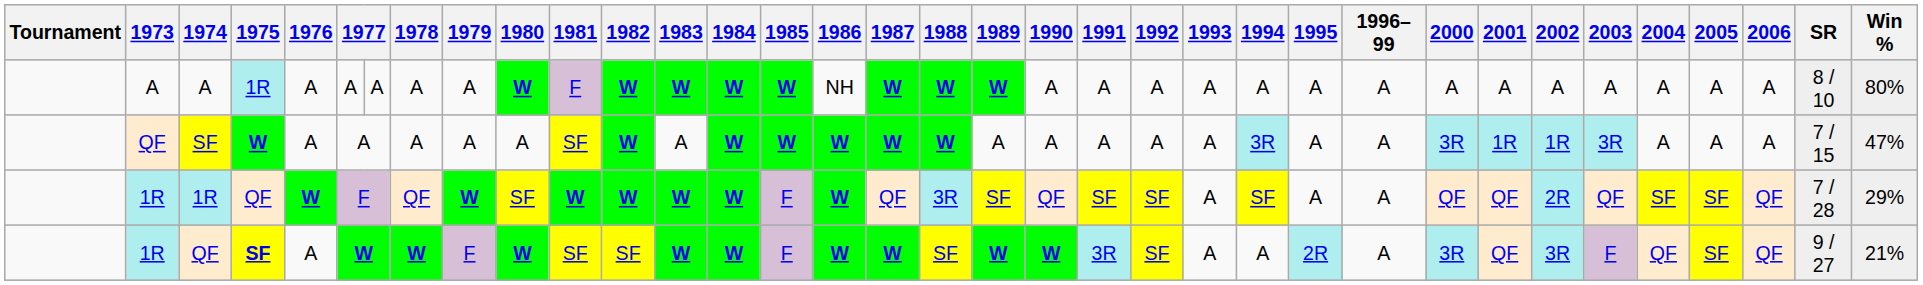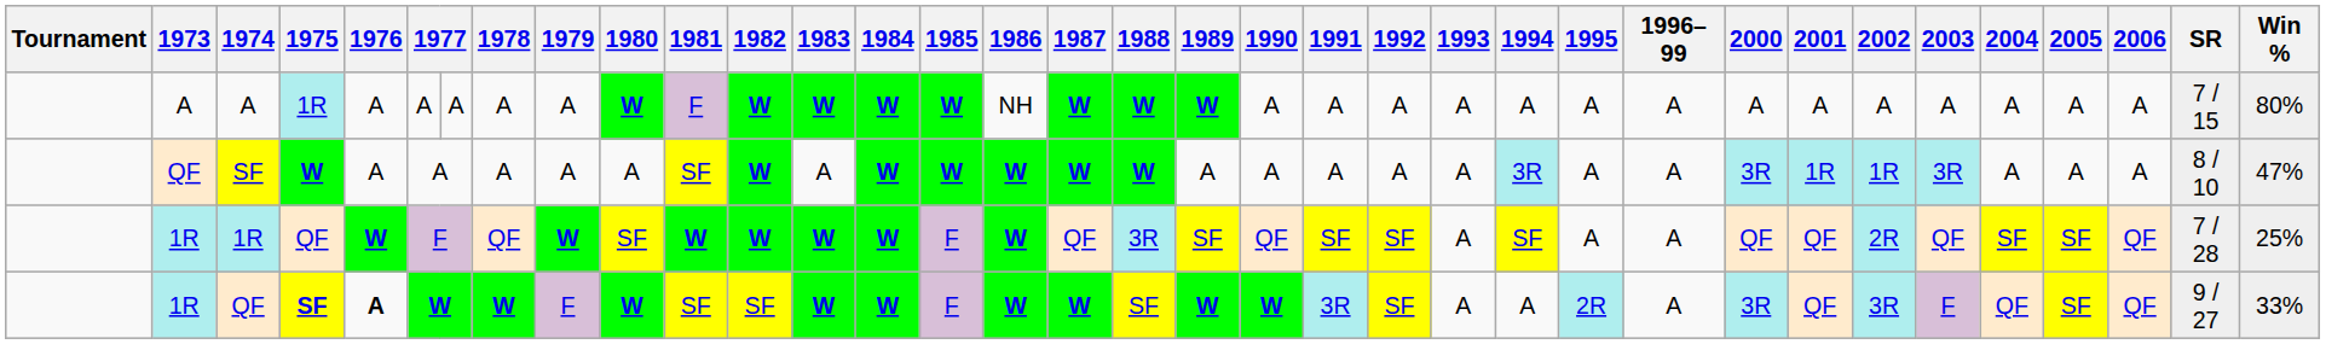 <table class="wikitable" style="text-align: center; font-size: 80%;">
 <tr>
 <th>Tournament</th>
 <th><a href='#'>1973</a></th>
 <th><a href='#'>1974</a></th>
 <th><a href='#'>1975</a></th>
 <th><a href='#'>1976</a></th>
 <th colspan="2"><a href='#'>1977</a></th>
 <th><a href='#'>1978</a></th>
 <th><a href='#'>1979</a></th>
 <th><a href='#'>1980</a></th>
 <th><a href='#'>1981</a></th>
 <th><a href='#'>1982</a></th>
 <th><a href='#'>1983</a></th>
 <th><a href='#'>1984</a></th>
 <th><a href='#'>1985</a></th>
 <th><a href='#'>1986</a></th>
 <th><a href='#'>1987</a></th>
 <th><a href='#'>1988</a></th>
 <th><a href='#'>1989</a></th>
 <th><a href='#'>1990</a></th>
 <th><a href='#'>1991</a></th>
 <th><a href='#'>1992</a></th>
 <th><a href='#'>1993</a></th>
 <th><a href='#'>1994</a></th>
 <th><a href='#'>1995</a></th>
 <th>1996–99</th>
 <th><a href='#'>2000</a></th>
 <th><a href='#'>2001</a></th>
 <th><a href='#'>2002</a></th>
 <th><a href='#'>2003</a></th>
 <th><a href='#'>2004</a></th>
 <th><a href='#'>2005</a></th>
 <th><a href='#'>2006</a></th>
 <th>SR</th>
 <th>Win %</th>
 </tr>
 <tr>
 <td style="text-align: left;"></td>
 <td>A</td>
 <td>A</td>
 <td style="background: #afeeee;"><a href='#'>1R</a></td>
 <td>A</td>
 <td>A</td>
 <td>A</td>
 <td>A</td>
 <td>A</td>
 <td style="background: lime;"><strong><a href='#'>W</a></strong></td>
 <td style="background: thistle;"><a href='#'>F</a></td>
 <td style="background: lime;"><strong><a href='#'>W</a></strong></td>
 <td style="background: lime;"><strong><a href='#'>W</a></strong></td>
 <td style="background: lime;"><strong><a href='#'>W</a></strong></td>
 <td style="background: lime;"><strong><a href='#'>W</a></strong></td>
 <td>NH</td>
 <td style="background: lime;"><strong><a href='#'>W</a></strong></td>
 <td style="background: lime;"><strong><a href='#'>W</a></strong></td>
 <td style="background: lime;"><strong><a href='#'>W</a></strong></td>
 <td>A</td>
 <td>A</td>
 <td>A</td>
 <td>A</td>
 <td>A</td>
 <td>A</td>
 <td>A</td>
 <td>A</td>
 <td>A</td>
 <td>A</td>
 <td>A</td>
 <td>A</td>
 <td>A</td>
 <td>A</td>
-<td style="background: #efefef;">8 / 10</td>
+<td style="background: #efefef;">7 / 15</td>
 <td style="background: #efefef;">80%</td>
 </tr>
 <tr>
 <td style="text-align: left;"></td>
 <td style="background: #ffebcd;"><a href='#'>QF</a></td>
 <td style="background: yellow;"><a href='#'>SF</a></td>
 <td style="background: lime;"><strong><a href='#'>W</a></strong></td>
 <td>A</td>
 <td colspan="2">A</td>
 <td>A</td>
 <td>A</td>
 <td>A</td>
 <td style="background: yellow;"><a href='#'>SF</a></td>
 <td style="background: lime;"><strong><a href='#'>W</a></strong></td>
 <td>A</td>
 <td style="background: lime;"><strong><a href='#'>W</a></strong></td>
 <td style="background: lime;"><strong><a href='#'>W</a></strong></td>
 <td style="background: lime;"><strong><a href='#'>W</a></strong></td>
 <td style="background: lime;"><strong><a href='#'>W</a></strong></td>
 <td style="background: lime;"><strong><a href='#'>W</a></strong></td>
 <td>A</td>
 <td>A</td>
 <td>A</td>
 <td>A</td>
 <td>A</td>
 <td style="background: #afeeee;"><a href='#'>3R</a></td>
 <td>A</td>
 <td>A</td>
 <td style="background: #afeeee;"><a href='#'>3R</a></td>
 <td style="background: #afeeee;"><a href='#'>1R</a></td>
 <td style="background: #afeeee;"><a href='#'>1R</a></td>
 <td style="background: #afeeee;"><a href='#'>3R</a></td>
 <td>A</td>
 <td>A</td>
 <td>A</td>
-<td style="background: #efefef;">7 / 15</td>
+<td style="background: #efefef;">8 / 10</td>
 <td style="background: #efefef;">47%</td>
 </tr>
 <tr>
 <td style="text-align: left;"></td>
 <td style="background: #afeeee;"><a href='#'>1R</a></td>
 <td style="background: #afeeee;"><a href='#'>1R</a></td>
 <td style="background: #ffebcd;"><a href='#'>QF</a></td>
 <td style="background: lime;"><strong><a href='#'>W</a></strong></td>
 <td colspan="2" style="background: thistle;"><a href='#'>F</a></td>
 <td style="background: #ffebcd;"><a href='#'>QF</a></td>
 <td style="background: lime;"><strong><a href='#'>W</a></strong></td>
 <td style="background: yellow;"><a href='#'>SF</a></td>
 <td style="background: lime;"><strong><a href='#'>W</a></strong></td>
 <td style="background: lime;"><strong><a href='#'>W</a></strong></td>
 <td style="background: lime;"><strong><a href='#'>W</a></strong></td>
 <td style="background: lime;"><strong><a href='#'>W</a></strong></td>
 <td style="background: thistle;"><a href='#'>F</a></td>
 <td style="background: lime;"><strong><a href='#'>W</a></strong></td>
 <td style="background: #ffebcd;"><a href='#'>QF</a></td>
 <td style="background: #afeeee;"><a href='#'>3R</a></td>
 <td style="background: yellow;"><a href='#'>SF</a></td>
 <td style="background: #ffebcd;"><a href='#'>QF</a></td>
 <td style="background: yellow;"><a href='#'>SF</a></td>
 <td style="background: yellow;"><a href='#'>SF</a></td>
 <td>A</td>
 <td style="background: yellow;"><a href='#'>SF</a></td>
 <td>A</td>
 <td>A</td>
 <td style="background: #ffebcd;"><a href='#'>QF</a></td>
 <td style="background: #ffebcd;"><a href='#'>QF</a></td>
 <td style="background: #afeeee;"><a href='#'>2R</a></td>
 <td style="background: #ffebcd;"><a href='#'>QF</a></td>
 <td style="background: yellow;"><a href='#'>SF</a></td>
 <td style="background: yellow;"><a href='#'>SF</a></td>
 <td style="background: #ffebcd;"><a href='#'>QF</a></td>
 <td style="background: #efefef;">7 / 28</td>
-<td style="background: #efefef;">29%</td>
+<td style="background: #efefef;">25%</td>
 </tr>
 <tr>
 <td style="text-align: left;"></td>
 <td style="background: #afeeee;"><a href='#'>1R</a></td>
 <td style="background: #ffebcd;"><a href='#'>QF</a></td>
 <td style="background: yellow;"><strong><a href='#'>SF</a></strong></td>
-<td>A</td>
+<td><strong>A</strong></td>
 <td colspan="2" style="background: lime;"><strong><a href='#'>W</a></strong></td>
 <td style="background: lime;"><strong><a href='#'>W</a></strong></td>
 <td style="background: thistle;"><a href='#'>F</a></td>
 <td style="background: lime;"><strong><a href='#'>W</a></strong></td>
 <td style="background: yellow;"><a href='#'>SF</a></td>
 <td style="background: yellow;"><a href='#'>SF</a></td>
 <td style="background: lime;"><strong><a href='#'>W</a></strong></td>
 <td style="background: lime;"><strong><a href='#'>W</a></strong></td>
 <td style="background: thistle;"><a href='#'>F</a></td>
 <td style="background: lime;"><strong><a href='#'>W</a></strong></td>
 <td style="background: lime;"><strong><a href='#'>W</a></strong></td>
 <td style="background: yellow;"><a href='#'>SF</a></td>
 <td style="background: lime;"><strong><a href='#'>W</a></strong></td>
 <td style="background: lime;"><strong><a href='#'>W</a></strong></td>
 <td style="background: #afeeee;"><a href='#'>3R</a></td>
 <td style="background: yellow;"><a href='#'>SF</a></td>
 <td>A</td>
 <td>A</td>
 <td style="background: #afeeee;"><a href='#'>2R</a></td>
 <td>A</td>
 <td style="background: #afeeee;"><a href='#'>3R</a></td>
 <td style="background: #ffebcd;"><a href='#'>QF</a></td>
 <td style="background: #afeeee;"><a href='#'>3R</a></td>
 <td style="background: thistle;"><a href='#'>F</a></td>
 <td style="background: #ffebcd;"><a href='#'>QF</a></td>
 <td style="background: yellow;"><a href='#'>SF</a></td>
 <td style="background: #ffebcd;"><a href='#'>QF</a></td>
 <td style="background: #efefef;">9 / 27</td>
-<td style="background: #efefef;">21%</td>
+<td style="background: #efefef;">33%</td>
 </tr>
 </table>
